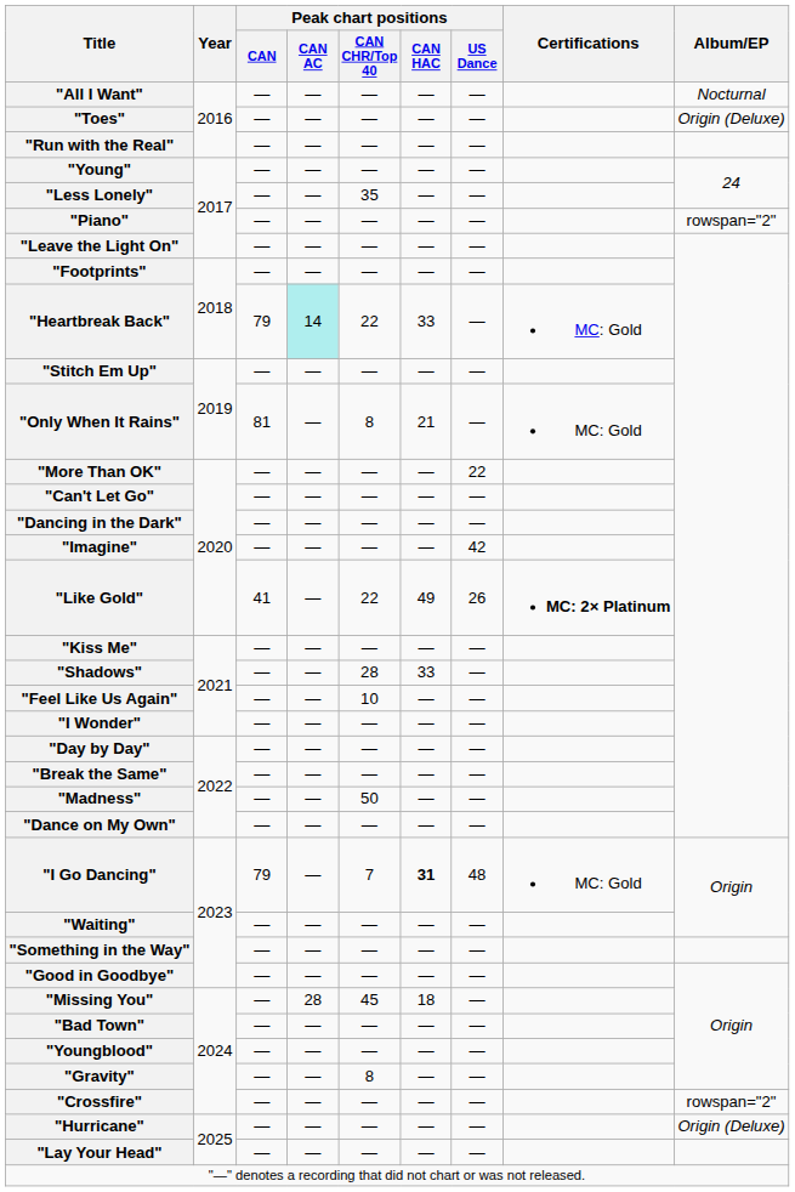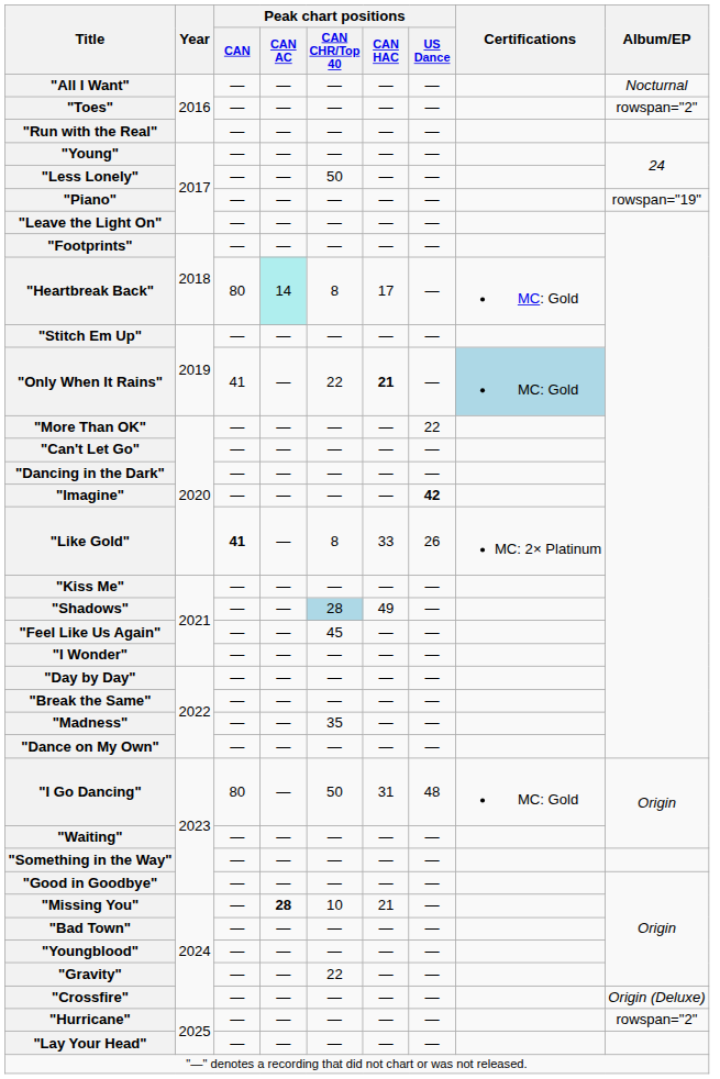 <table class="wikitable plainrowheaders" style="text-align:center;">
 <tr>
 <th scope="col" rowspan="2">Title</th>
 <th scope="col" rowspan="2">Year</th>
 <th colspan="5" scope="col">Peak chart positions</th>
 <th scope="col" rowspan="2">Certifications</th>
 <th scope="col" rowspan="2">Album/EP</th>
 </tr>
 <tr style="font-size:smaller;">
 <th style="width:45px;"><a href='#'>CAN</a><br></th>
 <th style="width:45px;"><a href='#'>CAN<br>AC</a><br></th>
 <th style="width:45px;"><a href='#'>CAN<br>CHR/Top 40</a><br></th>
 <th style="width:45px;"><a href='#'>CAN<br>HAC</a><br></th>
 <th style="width:45px;"><a href='#'>US<br>Dance</a><br></th>
 </tr>
 <tr>
 <th scope="row">"All I Want"</th>
 <td rowspan="3">2016</td>
 <td>—</td>
 <td>—</td>
 <td>—</td>
 <td>—</td>
 <td>—</td>
 <td></td>
 <td><em>Nocturnal</em></td>
 </tr>
 <tr>
 <th scope="row">"Toes"<br></th>
 <td>—</td>
 <td>—</td>
 <td>—</td>
 <td>—</td>
 <td>—</td>
 <td></td>
-<td><em>Origin (Deluxe)</em></td>
+<td>rowspan="2" </td>
 </tr>
 <tr>
 <th scope="row">"Run with the Real"<br></th>
 <td>—</td>
 <td>—</td>
 <td>—</td>
 <td>—</td>
 <td>—</td>
 <td></td>
 </tr>
 <tr>
 <th scope="row">"Young"<br></th>
 <td rowspan="4">2017</td>
 <td>—</td>
 <td>—</td>
 <td>—</td>
 <td>—</td>
 <td>—</td>
 <td></td>
 <td rowspan="2"><em>24</em></td>
 </tr>
 <tr>
 <th scope="row">"Less Lonely"</th>
 <td>—</td>
 <td>—</td>
-<td>35</td>
+<td>50</td>
 <td>—</td>
 <td>—</td>
 <td></td>
 </tr>
 <tr>
 <th scope="row">"Piano"<br></th>
 <td>—</td>
 <td>—</td>
 <td>—</td>
 <td>—</td>
 <td>—</td>
 <td></td>
-<td>rowspan="2" </td>
+<td>rowspan="19" </td>
 </tr>
 <tr>
 <th scope="row">"Leave the Light On"<br></th>
 <td>—</td>
 <td>—</td>
 <td>—</td>
 <td>—</td>
 <td>—</td>
 <td></td>
 </tr>
 <tr>
 <th scope="row">"Footprints"<br></th>
 <td rowspan="2">2018</td>
 <td>—</td>
 <td>—</td>
 <td>—</td>
 <td>—</td>
 <td>—</td>
 <td></td>
 </tr>
 <tr>
 <th scope="row">"Heartbreak Back"<br></th>
-<td>79</td>
+<td>80</td>
 <td style="background: paleturquoise;">14</td>
-<td>22</td>
-<td>33</td>
+<td>8</td>
+<td>17</td>
 <td>—</td>
 <td><br><ul><li><a href='#'>MC</a>: Gold</li></ul></td>
 </tr>
 <tr>
 <th scope="row">"Stitch Em Up"<br></th>
 <td rowspan="2">2019</td>
 <td>—</td>
 <td>—</td>
 <td>—</td>
 <td>—</td>
 <td>—</td>
 <td></td>
 </tr>
 <tr>
 <th scope="row">"Only When It Rains"<br></th>
-<td>81</td>
+<td>41</td>
 <td>—</td>
-<td>8</td>
-<td>21</td>
+<td>22</td>
+<td><strong>21</strong></td>
 <td>—</td>
-<td><br><ul><li>MC: Gold</li></ul></td>
+<td style="background: lightblue;"><br><ul><li>MC: Gold</li></ul></td>
 </tr>
 <tr>
 <th scope="row">"More Than OK"<br></th>
 <td rowspan="5">2020</td>
 <td>—</td>
 <td>—</td>
 <td>—</td>
 <td>—</td>
 <td>22</td>
 <td></td>
 </tr>
 <tr>
 <th scope="row">"Can't Let Go"<br></th>
 <td>—</td>
 <td>—</td>
 <td>—</td>
 <td>—</td>
 <td>—</td>
 <td></td>
 </tr>
 <tr>
 <th scope="row">"Dancing in the Dark"</th>
 <td>—</td>
 <td>—</td>
 <td>—</td>
 <td>—</td>
 <td>—</td>
 <td></td>
 </tr>
 <tr>
 <th scope="row">"Imagine"<br></th>
 <td>—</td>
 <td>—</td>
 <td>—</td>
 <td>—</td>
-<td>42</td>
+<td><strong>42</strong></td>
 <td></td>
 </tr>
 <tr>
 <th scope="row">"Like Gold"<br></th>
-<td>41</td>
+<td><strong>41</strong></td>
 <td>—</td>
-<td>22</td>
-<td>49</td>
+<td>8</td>
+<td>33</td>
 <td>26</td>
-<td><strong><br><ul><li>MC: 2× Platinum</li></ul></strong></td>
+<td><br><ul><li>MC: 2× Platinum</li></ul></td>
 </tr>
 <tr>
 <th scope="row">"Kiss Me"<br></th>
 <td rowspan="4">2021</td>
 <td>—</td>
 <td>—</td>
 <td>—</td>
 <td>—</td>
 <td>—</td>
 <td></td>
 </tr>
 <tr>
 <th scope="row">"Shadows"<br></th>
 <td>—</td>
 <td>—</td>
-<td>28</td>
-<td>33</td>
+<td style="background: lightblue;">28</td>
+<td>49</td>
 <td>—</td>
 <td></td>
 </tr>
 <tr>
 <th scope="row">"Feel Like Us Again"<br></th>
 <td>—</td>
 <td>—</td>
-<td>10</td>
+<td>45</td>
 <td>—</td>
 <td>—</td>
 <td></td>
 </tr>
 <tr>
 <th scope="row">"I Wonder"<br></th>
 <td>—</td>
 <td>—</td>
 <td>—</td>
 <td>—</td>
 <td>—</td>
 <td></td>
 </tr>
 <tr>
 <th scope="row">"Day by Day"<br></th>
 <td rowspan="4">2022</td>
 <td>—</td>
 <td>—</td>
 <td>—</td>
 <td>—</td>
 <td>—</td>
 <td></td>
 </tr>
 <tr>
 <th scope="row">"Break the Same"<br></th>
 <td>—</td>
 <td>—</td>
 <td>—</td>
 <td>—</td>
 <td>—</td>
 <td></td>
 </tr>
 <tr>
 <th scope="row">"Madness"<br></th>
 <td>—</td>
 <td>—</td>
-<td>50</td>
+<td>35</td>
 <td>—</td>
 <td>—</td>
 <td></td>
 </tr>
 <tr>
 <th scope="row">"Dance on My Own"<br></th>
 <td>—</td>
 <td>—</td>
 <td>—</td>
 <td>—</td>
 <td>—</td>
 <td></td>
 </tr>
 <tr>
 <th scope="row">"I Go Dancing"<br></th>
 <td rowspan="4">2023</td>
-<td>79</td>
+<td>80</td>
 <td>—</td>
-<td>7</td>
-<td><strong>31</strong></td>
+<td>50</td>
+<td>31</td>
 <td>48</td>
 <td><br><ul><li>MC: Gold</li></ul></td>
 <td rowspan="2"><em>Origin</em></td>
 </tr>
 <tr>
 <th scope="row">"Waiting"<br></th>
 <td>—</td>
 <td>—</td>
 <td>—</td>
 <td>—</td>
 <td>—</td>
 <td></td>
 </tr>
 <tr>
 <th scope="row">"Something in the Way"<br></th>
 <td>—</td>
 <td>—</td>
 <td>—</td>
 <td>—</td>
 <td>—</td>
 <td></td>
 <td></td>
 </tr>
 <tr>
 <th scope="row">"Good in Goodbye"<br></th>
 <td>—</td>
 <td>—</td>
 <td>—</td>
 <td>—</td>
 <td>—</td>
 <td></td>
 <td rowspan="5"><em>Origin</em></td>
 </tr>
 <tr>
 <th scope="row">"Missing You"<br></th>
 <td rowspan="5">2024</td>
 <td>—</td>
-<td>28</td>
-<td>45</td>
-<td>18</td>
+<td><strong>28</strong></td>
+<td>10</td>
+<td>21</td>
 <td>—</td>
 <td></td>
 </tr>
 <tr>
 <th scope="row">"Bad Town"<br></th>
 <td>—</td>
 <td>—</td>
 <td>—</td>
 <td>—</td>
 <td>—</td>
 <td></td>
 </tr>
 <tr>
 <th scope="row">"Youngblood"<br></th>
 <td>—</td>
 <td>—</td>
 <td>—</td>
 <td>—</td>
 <td>—</td>
 <td></td>
 </tr>
 <tr>
 <th scope="row">"Gravity"<br></th>
 <td>—</td>
 <td>—</td>
-<td>8</td>
+<td>22</td>
 <td>—</td>
 <td>—</td>
 <td></td>
 </tr>
 <tr>
 <th scope="row">"Crossfire"<br></th>
 <td>—</td>
 <td>—</td>
 <td>—</td>
 <td>—</td>
 <td>—</td>
 <td></td>
-<td>rowspan="2" </td>
+<td><em>Origin (Deluxe)</em></td>
 </tr>
 <tr>
 <th scope="row">"Hurricane"<br></th>
 <td rowspan="2">2025</td>
 <td>—</td>
 <td>—</td>
 <td>—</td>
 <td>—</td>
 <td>—</td>
 <td></td>
-<td><em>Origin (Deluxe)</em></td>
+<td>rowspan="2" </td>
 </tr>
 <tr>
 <th scope="row">"Lay Your Head"<br></th>
 <td>—</td>
 <td>—</td>
 <td>—</td>
 <td>—</td>
 <td>—</td>
 <td></td>
 </tr>
 <tr>
 <td colspan="9" style="font-size:85%">"—" denotes a recording that did not chart or was not released.</td>
 </tr>
 </table>
